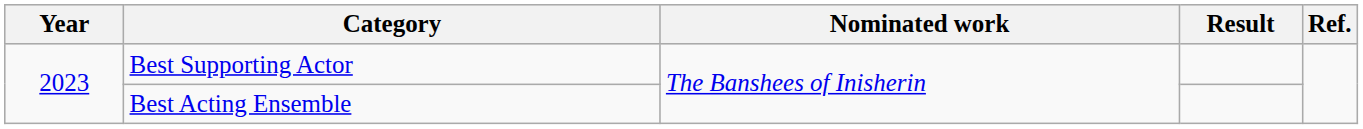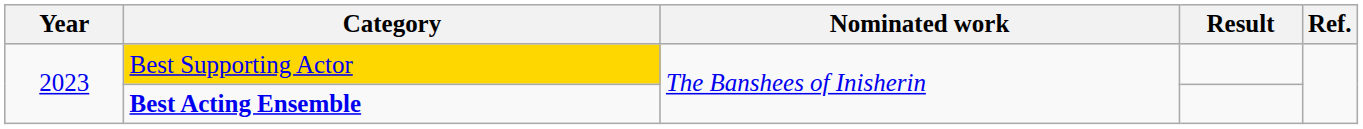 <table class=wikitable>
 <tr>
 <th scope="col" style="width:5em;">Year</th>
 <th scope="col" style="width:26em;">Category</th>
 <th scope="col" style="width:25em;">Nominated work</th>
 <th scope="col" style="width:5em;">Result</th>
 <th>Ref.</th>
 </tr>
 <tr>
 <td rowspan="2" style="text-align:center;"><a href='#'>2023</a></td>
-<td><a href='#'>Best Supporting Actor</a></td>
+<td style="background: gold;"><a href='#'>Best Supporting Actor</a></td>
 <td rowspan="2"><em><a href='#'>The Banshees of Inisherin</a></em></td>
 <td></td>
 <td align="center" rowspan="2"></td>
 </tr>
 <tr>
-<td><a href='#'>Best Acting Ensemble</a></td>
+<td><strong><a href='#'>Best Acting Ensemble</a></strong></td>
 <td></td>
 </tr>
 </table>
